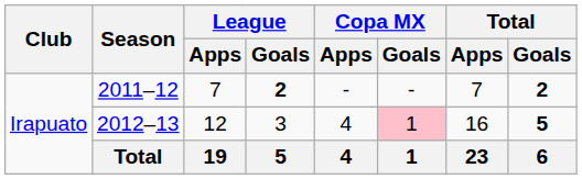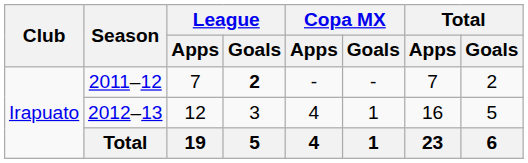 <table class="wikitable" style="font-size:98%; text-align: center;">
 <tr>
 <th rowspan="2">Club</th>
 <th rowspan="2">Season</th>
 <th colspan="2"><a href='#'>League</a></th>
 <th colspan="2"><a href='#'>Copa MX</a></th>
 <th colspan="2">Total</th>
 </tr>
 <tr>
 <th>Apps</th>
 <th>Goals</th>
 <th>Apps</th>
 <th>Goals</th>
 <th>Apps</th>
 <th>Goals</th>
 </tr>
 <tr>
 <td rowspan="5" valign="center"><a href='#'>Irapuato</a></td>
 <td><a href='#'>2011</a>–<a href='#'>12</a></td>
 <td>7</td>
 <td><strong>2</strong></td>
 <td>-</td>
 <td>-</td>
 <td>7</td>
-<td><strong>2</strong></td>
+<td>2</td>
 </tr>
 <tr>
 <td><a href='#'>2012</a>–<a href='#'>13</a></td>
 <td>12</td>
 <td>3</td>
 <td>4</td>
-<td style="background: pink;">1</td>
+<td>1</td>
 <td>16</td>
-<td><strong>5</strong></td>
+<td>5</td>
 </tr>
 <tr>
 <th>Total</th>
 <th>19</th>
 <th>5</th>
 <th>4</th>
 <th>1</th>
 <th>23</th>
 <th>6</th>
 </tr>
 </table>
